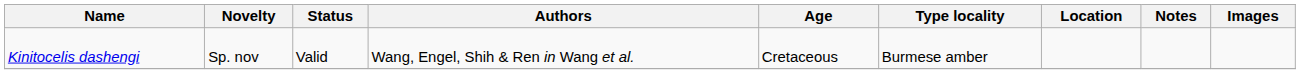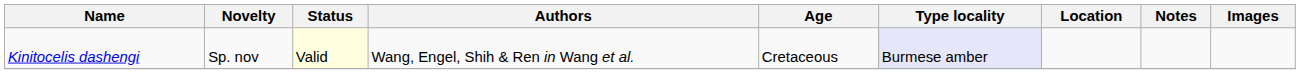 <table class="wikitable sortable" align="center" width="70%">
 <tr>
 <th>Name</th>
 <th>Novelty</th>
 <th>Status</th>
 <th>Authors</th>
 <th>Age</th>
 <th>Type locality</th>
 <th>Location</th>
 <th>Notes</th>
 <th>Images</th>
 </tr>
 <tr>
 <td><br><em><a href='#'>Kinitocelis dashengi</a></em></td>
 <td><br>Sp. nov</td>
-<td><br>Valid</td>
+<td style="background: lightyellow;"><br>Valid</td>
 <td><br>Wang, Engel, Shih & Ren <em>in</em> Wang <em>et al.</em></td>
 <td><br>Cretaceous</td>
-<td><br>Burmese amber</td>
+<td style="background: lavender;"><br>Burmese amber</td>
 <td><br></td>
 <td></td>
 <td></td>
 </tr>
 <tr>
 </tr>
 </table>
